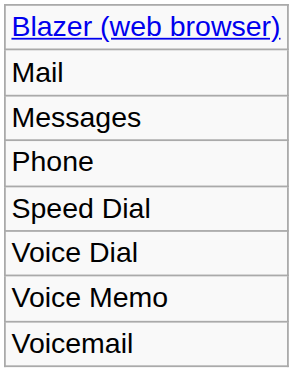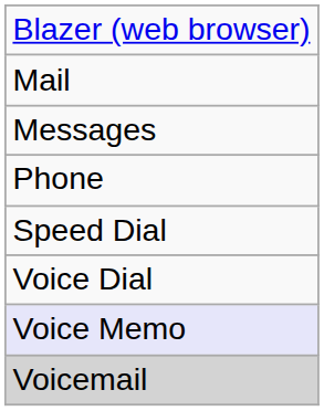 <table class="wikitable" border="1">
 <tr>
 <td><a href='#'>Blazer (web browser)</a></td>
 </tr>
 <tr>
 <td>Mail</td>
 </tr>
 <tr>
 <td>Messages</td>
 </tr>
 <tr>
 <td>Phone</td>
 </tr>
 <tr>
 <td>Speed Dial</td>
 </tr>
 <tr>
 <td>Voice Dial</td>
 </tr>
 <tr>
-<td>Voice Memo</td>
+<td style="background: lavender;">Voice Memo</td>
 </tr>
 <tr>
-<td>Voicemail</td>
+<td style="background: lightgrey;">Voicemail</td>
 </tr>
 </table>
